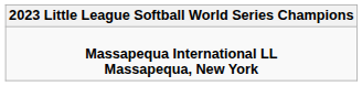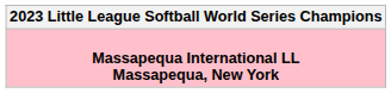 <table class="wikitable" style="text-align: center; margin: 0 auto;">
 <tr>
 <th>2023 Little League Softball World Series Champions</th>
 </tr>
 <tr>
-<td> <br><strong>Massapequa International LL</strong><br><strong>Massapequa, New York</strong></td>
+<td style="background: pink;"> <br><strong>Massapequa International LL</strong><br><strong>Massapequa, New York</strong></td>
 </tr>
 </table>
